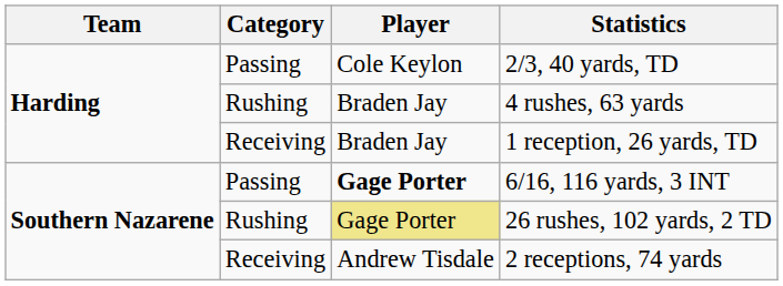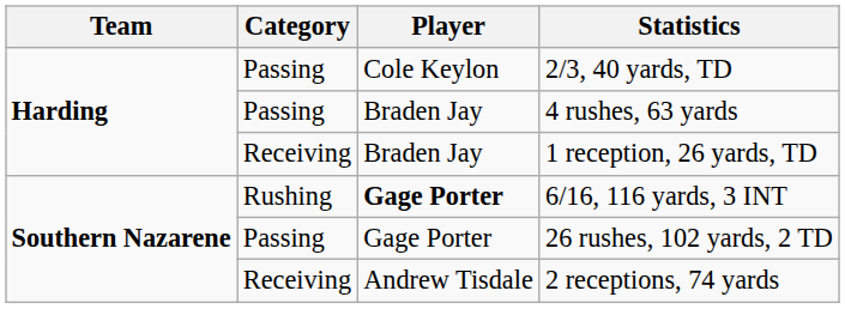 <table class="wikitable" style="float: right;">
 <tr>
 <th>Team</th>
 <th>Category</th>
 <th>Player</th>
 <th>Statistics</th>
 </tr>
 <tr>
 <td rowspan=3><strong>Harding</strong></td>
 <td>Passing</td>
 <td>Cole Keylon</td>
 <td>2/3, 40 yards, TD</td>
 </tr>
 <tr>
-<td>Rushing</td>
+<td>Passing</td>
 <td>Braden Jay</td>
 <td>4 rushes, 63 yards</td>
 </tr>
 <tr>
 <td>Receiving</td>
 <td>Braden Jay</td>
 <td>1 reception, 26 yards, TD</td>
 </tr>
 <tr>
 <td rowspan=3><strong>Southern Nazarene</strong></td>
-<td>Passing</td>
+<td>Rushing</td>
 <td><strong>Gage Porter</strong></td>
 <td>6/16, 116 yards, 3 INT</td>
 </tr>
 <tr>
-<td>Rushing</td>
-<td style="background: khaki;">Gage Porter</td>
+<td>Passing</td>
+<td>Gage Porter</td>
 <td>26 rushes, 102 yards, 2 TD</td>
 </tr>
 <tr>
 <td>Receiving</td>
 <td>Andrew Tisdale</td>
 <td>2 receptions, 74 yards</td>
 </tr>
 </table>
